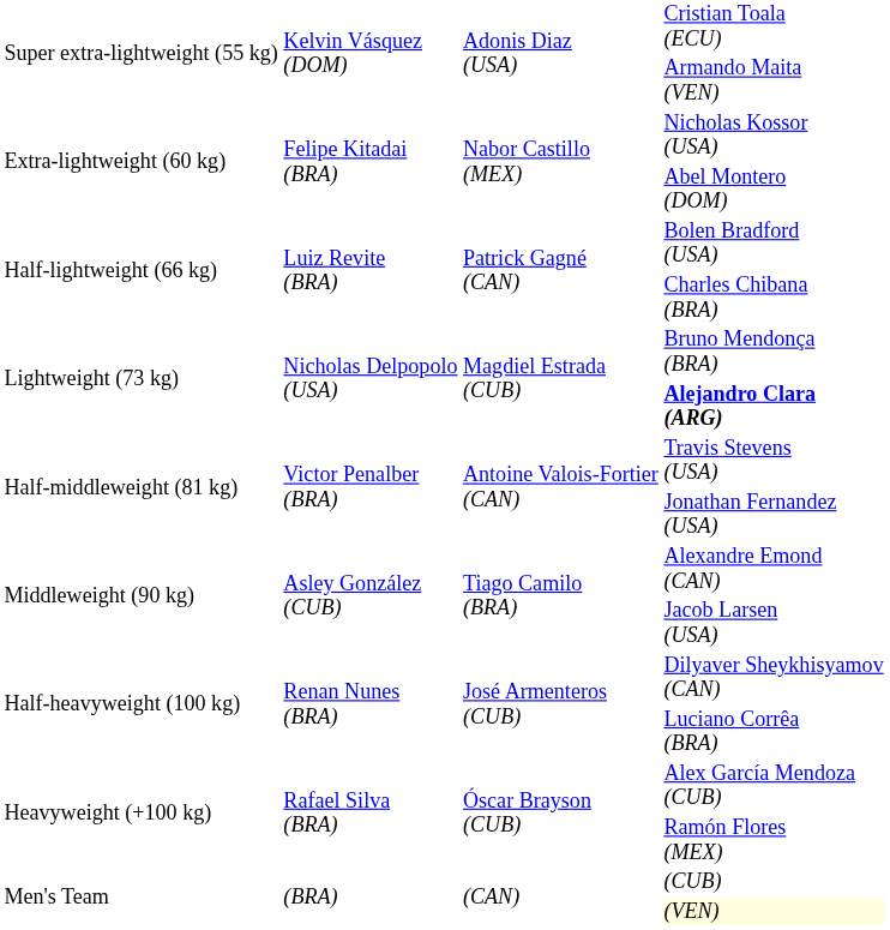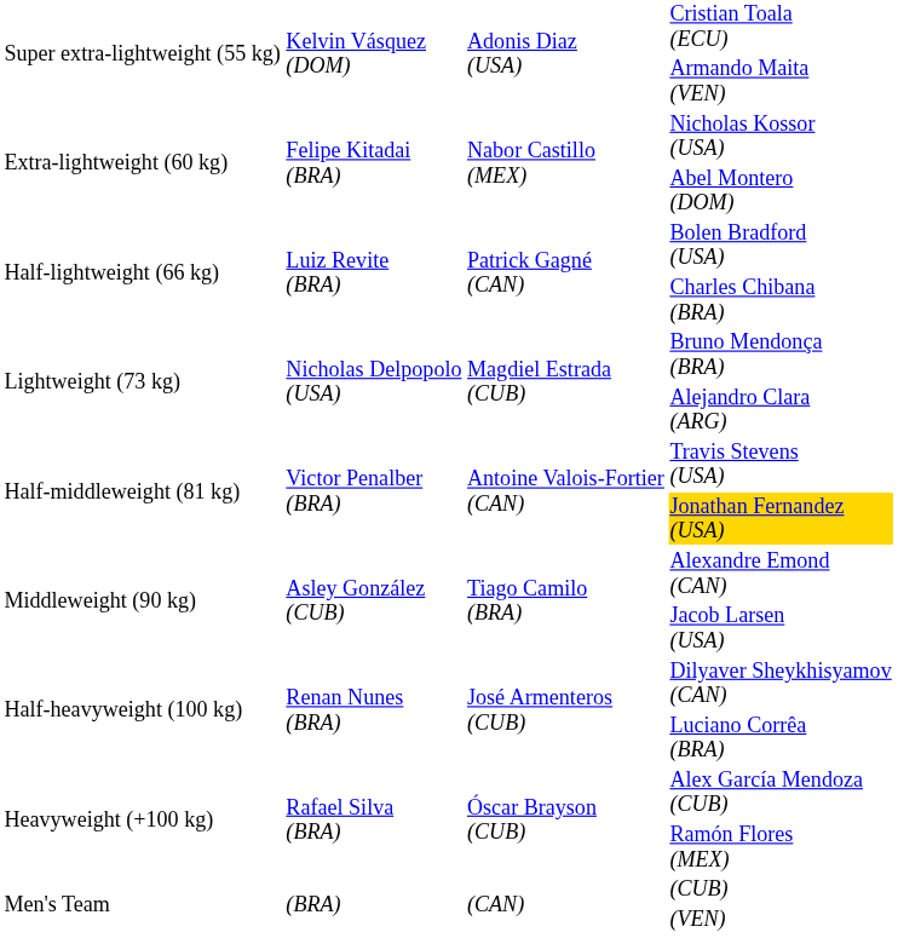 <table>
 <tr>
 <td rowspan=2>Super extra-lightweight (55 kg)</td>
 <td rowspan=2><a href='#'>Kelvin Vásquez</a><br> <em> (DOM)</em></td>
 <td rowspan=2><a href='#'>Adonis Diaz</a> <br> <em> (USA)</em></td>
 <td><a href='#'>Cristian Toala</a> <br> <em> (ECU)</em></td>
 </tr>
 <tr>
 <td><a href='#'>Armando Maita</a> <br> <em> (VEN)</em></td>
 </tr>
 <tr>
 <td rowspan=2>Extra-lightweight (60 kg)</td>
 <td rowspan=2><a href='#'>Felipe Kitadai</a><br> <em> (BRA)</em></td>
 <td rowspan=2><a href='#'>Nabor Castillo</a> <br> <em> (MEX)</em></td>
 <td><a href='#'>Nicholas Kossor</a> <br> <em> (USA)</em></td>
 </tr>
 <tr>
 <td><a href='#'>Abel Montero</a> <br> <em> (DOM)</em></td>
 </tr>
 <tr>
 <td rowspan=2>Half-lightweight (66 kg)</td>
 <td rowspan=2><a href='#'>Luiz Revite</a><br> <em> (BRA)</em></td>
 <td rowspan=2><a href='#'>Patrick Gagné</a> <br> <em> (CAN)</em></td>
 <td><a href='#'>Bolen Bradford</a> <br> <em> (USA)</em></td>
 </tr>
 <tr>
 <td><a href='#'>Charles Chibana</a> <br> <em> (BRA)</em></td>
 </tr>
 <tr>
 <td rowspan=2>Lightweight (73 kg)</td>
 <td rowspan=2><a href='#'>Nicholas Delpopolo</a><br> <em> (USA)</em></td>
 <td rowspan=2><a href='#'>Magdiel Estrada</a> <br> <em> (CUB)</em></td>
 <td><a href='#'>Bruno Mendonça</a> <br> <em> (BRA)</em></td>
 </tr>
 <tr>
-<td><strong><a href='#'>Alejandro Clara</a> <br> <em> (ARG)</em></strong></td>
+<td><a href='#'>Alejandro Clara</a> <br> <em> (ARG)</em></td>
 </tr>
 <tr>
 <td rowspan=2>Half-middleweight (81 kg)</td>
 <td rowspan=2><a href='#'>Victor Penalber</a><br> <em> (BRA)</em></td>
 <td rowspan=2><a href='#'>Antoine Valois-Fortier</a> <br> <em> (CAN)</em></td>
 <td><a href='#'>Travis Stevens</a> <br> <em> (USA)</em></td>
 </tr>
 <tr>
-<td><a href='#'>Jonathan Fernandez</a> <br> <em> (USA)</em></td>
+<td style="background: gold;"><a href='#'>Jonathan Fernandez</a> <br> <em> (USA)</em></td>
 </tr>
 <tr>
 <td rowspan=2>Middleweight (90 kg)</td>
 <td rowspan=2><a href='#'>Asley González</a><br><em> (CUB)</em></td>
 <td rowspan=2><a href='#'>Tiago Camilo</a><br><em> (BRA)</em></td>
 <td><a href='#'>Alexandre Emond</a><br> <em> (CAN)</em></td>
 </tr>
 <tr>
 <td><a href='#'>Jacob Larsen</a> <br> <em> (USA)</em></td>
 </tr>
 <tr>
 <td rowspan=2>Half-heavyweight (100 kg)</td>
 <td rowspan=2><a href='#'>Renan Nunes</a><br><em> (BRA)</em></td>
 <td rowspan=2><a href='#'>José Armenteros</a><br><em> (CUB)</em></td>
 <td><a href='#'>Dilyaver Sheykhisyamov</a><br> <em> (CAN)</em></td>
 </tr>
 <tr>
 <td><a href='#'>Luciano Corrêa</a> <br> <em> (BRA)</em></td>
 </tr>
 <tr>
 <td rowspan=2>Heavyweight (+100 kg)</td>
 <td rowspan=2><a href='#'>Rafael Silva</a><br><em> (BRA)</em></td>
 <td rowspan=2><a href='#'>Óscar Brayson</a><br><em> (CUB)</em></td>
 <td><a href='#'>Alex García Mendoza</a><br> <em> (CUB)</em></td>
 </tr>
 <tr>
 <td><a href='#'>Ramón Flores</a> <br> <em> (MEX)</em></td>
 </tr>
 <tr>
 <td rowspan=2>Men's Team</td>
 <td rowspan=2><em> (BRA)</em></td>
 <td rowspan=2><em> (CAN)</em></td>
 <td><em> (CUB)</em></td>
 </tr>
 <tr>
-<td style="background: lightyellow;"><em> (VEN)</em></td>
+<td><em> (VEN)</em></td>
 </tr>
 <tr>
 </tr>
 </table>
